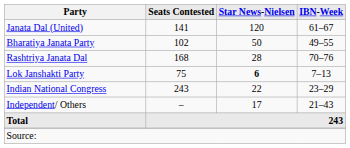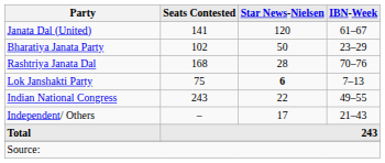 <table class="wikitable">
 <tr>
 <th !style="background-color:#E9E9E9" align=left width=225>Party</th>
 <th style="background-color:#E9E9E9" align=right>Seats Contested</th>
 <th style="background-color:#E9E9E9" align=right><a href='#'>Star News</a>-<a href='#'>Nielsen</a></th>
 <th style="background-color:#E9E9E9" align=right><a href='#'>IBN</a>-<a href='#'>Week</a></th>
 </tr>
 <tr>
 <td><a href='#'>Janata Dal (United)</a></td>
 <td align="center">141</td>
 <td align="center">120</td>
 <td align="center">61–67</td>
 </tr>
 <tr>
 <td><a href='#'>Bharatiya Janata Party</a></td>
 <td align="center">102</td>
 <td align="center">50</td>
-<td align="center">49–55</td>
+<td align="center">23–29</td>
 </tr>
 <tr>
 <td><a href='#'>Rashtriya Janata Dal</a></td>
 <td align="center">168</td>
 <td align="center">28</td>
 <td align="center">70–76</td>
 </tr>
 <tr>
 <td><a href='#'>Lok Janshakti Party</a></td>
 <td align="center">75</td>
 <td align="center"><strong>6</strong></td>
 <td align="center">7–13</td>
 </tr>
 <tr>
 <td><a href='#'>Indian National Congress</a></td>
 <td align="center">243</td>
 <td align="center">22</td>
-<td align="center">23–29</td>
+<td align="center">49–55</td>
 </tr>
 <tr>
 <td><a href='#'>Independent</a>/ Others</td>
 <td align="center">–</td>
 <td align="center">17</td>
 <td align="center">21–43</td>
 </tr>
 <tr>
 <td align=left style="background-color:#E9E9E9"><strong>Total</strong></td>
 <td width="30" align="right" style="background-color:#E9E9E9" colspan=6><strong>243</strong></td>
 </tr>
 <tr>
 </tr>
 <tr>
 <td colspan="7">Source: </td>
 </tr>
 </table>
